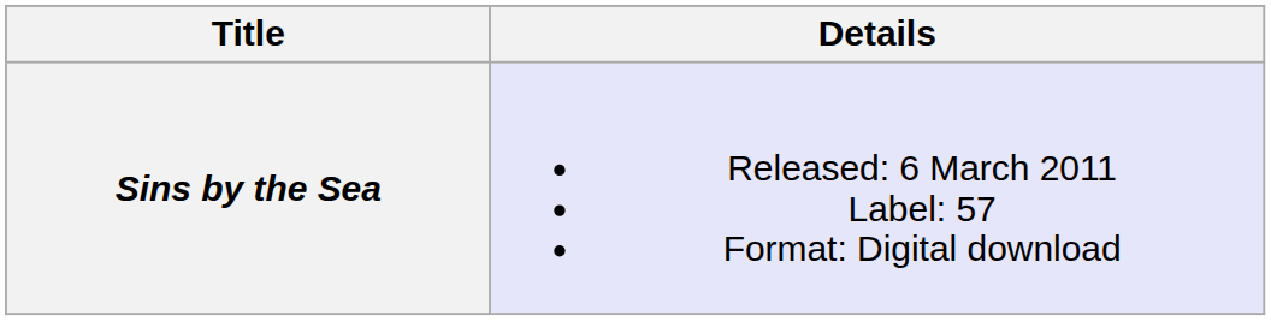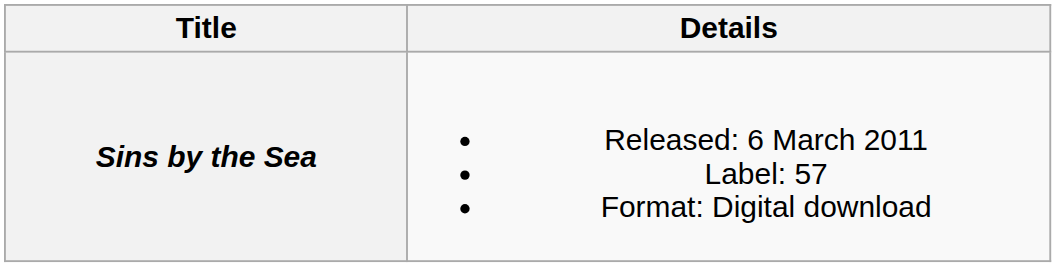 <table class="wikitable plainrowheaders" style="text-align:center;" border="1">
 <tr>
 <th scope="col" style="width:13em;">Title</th>
 <th scope="col" style="width:21em;">Details</th>
 </tr>
 <tr>
 <th scope="row"><em>Sins by the Sea</em></th>
-<td style="background: lavender;"><br><ul><li>Released: 6 March 2011</li><li>Label: 57</li><li>Format: Digital download</li></ul></td>
+<td><br><ul><li>Released: 6 March 2011</li><li>Label: 57</li><li>Format: Digital download</li></ul></td>
 </tr>
 </table>
